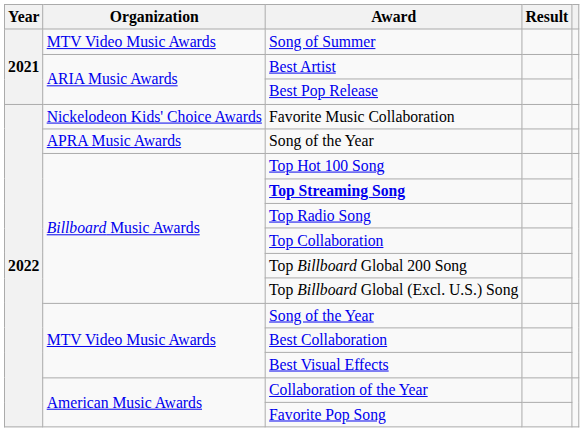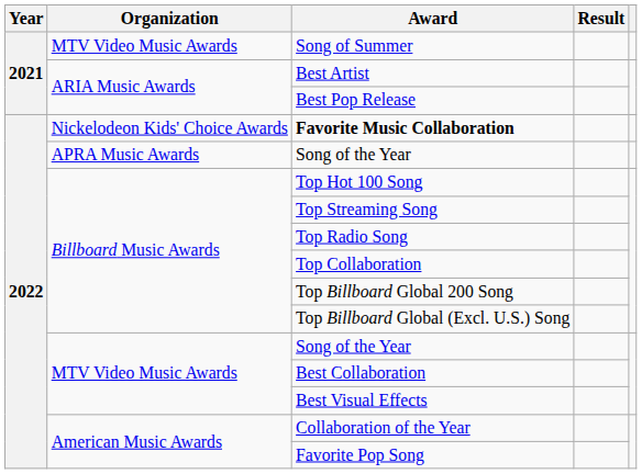 <table class="wikitable plainrowheaders">
 <tr>
 <th scope="col">Year</th>
 <th scope="col">Organization</th>
 <th scope="col">Award</th>
 <th scope="col">Result</th>
 <th scope="col"></th>
 </tr>
 <tr>
 <th rowspan="3" scope="row">2021</th>
 <td><a href='#'>MTV Video Music Awards</a></td>
 <td><a href='#'>Song of Summer</a></td>
 <td></td>
 <td style="text-align:center;"></td>
 </tr>
 <tr>
 <td rowspan="2"><a href='#'>ARIA Music Awards</a></td>
 <td><a href='#'>Best Artist</a></td>
 <td></td>
 <td rowspan="2" style="text-align:center;"></td>
 </tr>
 <tr>
 <td><a href='#'>Best Pop Release</a></td>
 <td></td>
 </tr>
 <tr>
 <th rowspan="13" scope="row">2022</th>
 <td><a href='#'>Nickelodeon Kids' Choice Awards</a></td>
-<td>Favorite Music Collaboration</td>
+<td><strong>Favorite Music Collaboration</strong></td>
 <td></td>
 <td style="text-align:center;"></td>
 </tr>
 <tr>
 <td><a href='#'>APRA Music Awards</a></td>
 <td>Song of the Year</td>
 <td></td>
 <td style="text-align:center;"></td>
 </tr>
 <tr>
 <td rowspan="6"><a href='#'><em>Billboard</em> Music Awards</a></td>
 <td><a href='#'>Top Hot 100 Song</a></td>
 <td></td>
 <td rowspan="6" style="text-align:center;"></td>
 </tr>
 <tr>
-<td><strong><a href='#'>Top Streaming Song</a></strong></td>
+<td><a href='#'>Top Streaming Song</a></td>
 <td></td>
 </tr>
 <tr>
 <td><a href='#'>Top Radio Song</a></td>
 <td></td>
 </tr>
 <tr>
 <td><a href='#'>Top Collaboration</a></td>
 <td></td>
 </tr>
 <tr>
 <td>Top <em>Billboard</em> Global 200 Song</td>
 <td></td>
 </tr>
 <tr>
 <td>Top <em>Billboard</em> Global (Excl. U.S.) Song</td>
 <td></td>
 </tr>
 <tr>
 <td rowspan="3"><a href='#'>MTV Video Music Awards</a></td>
 <td><a href='#'>Song of the Year</a></td>
 <td></td>
 <td rowspan="3" style="text-align:center;"></td>
 </tr>
 <tr>
 <td><a href='#'>Best Collaboration</a></td>
 <td></td>
 </tr>
 <tr>
 <td><a href='#'>Best Visual Effects</a></td>
 <td></td>
 </tr>
 <tr>
 <td rowspan="2"><a href='#'>American Music Awards</a></td>
 <td><a href='#'>Collaboration of the Year</a></td>
 <td></td>
 <td rowspan="3" style="text-align:center;"></td>
 </tr>
 <tr>
 <td><a href='#'>Favorite Pop Song</a></td>
 <td></td>
 </tr>
 </table>
